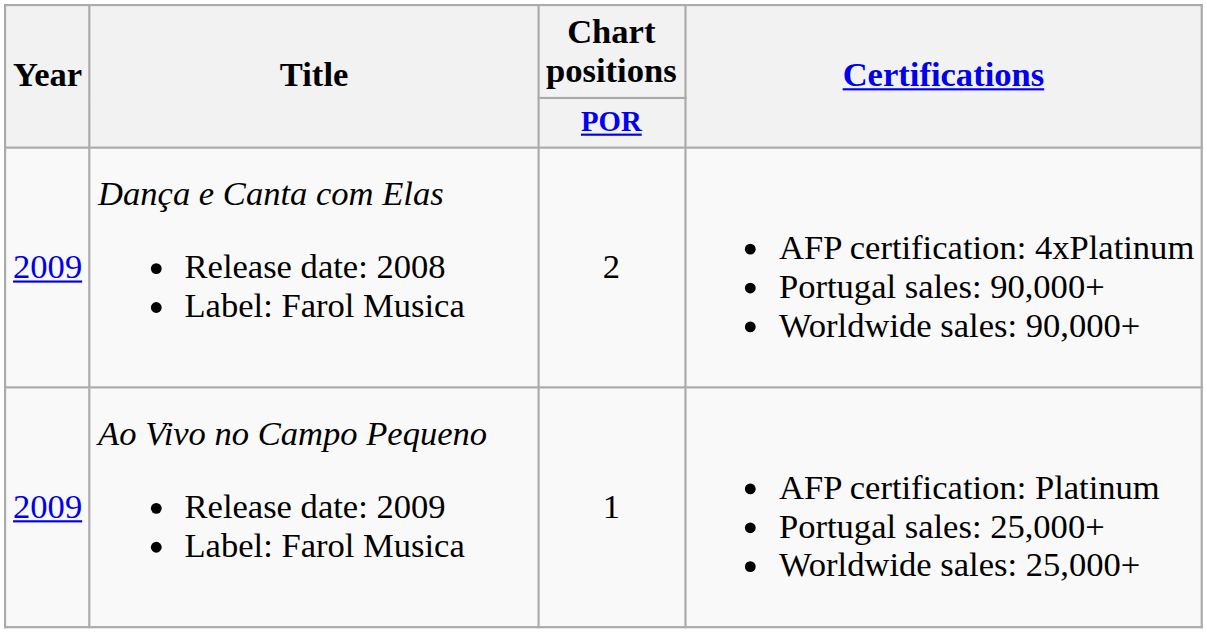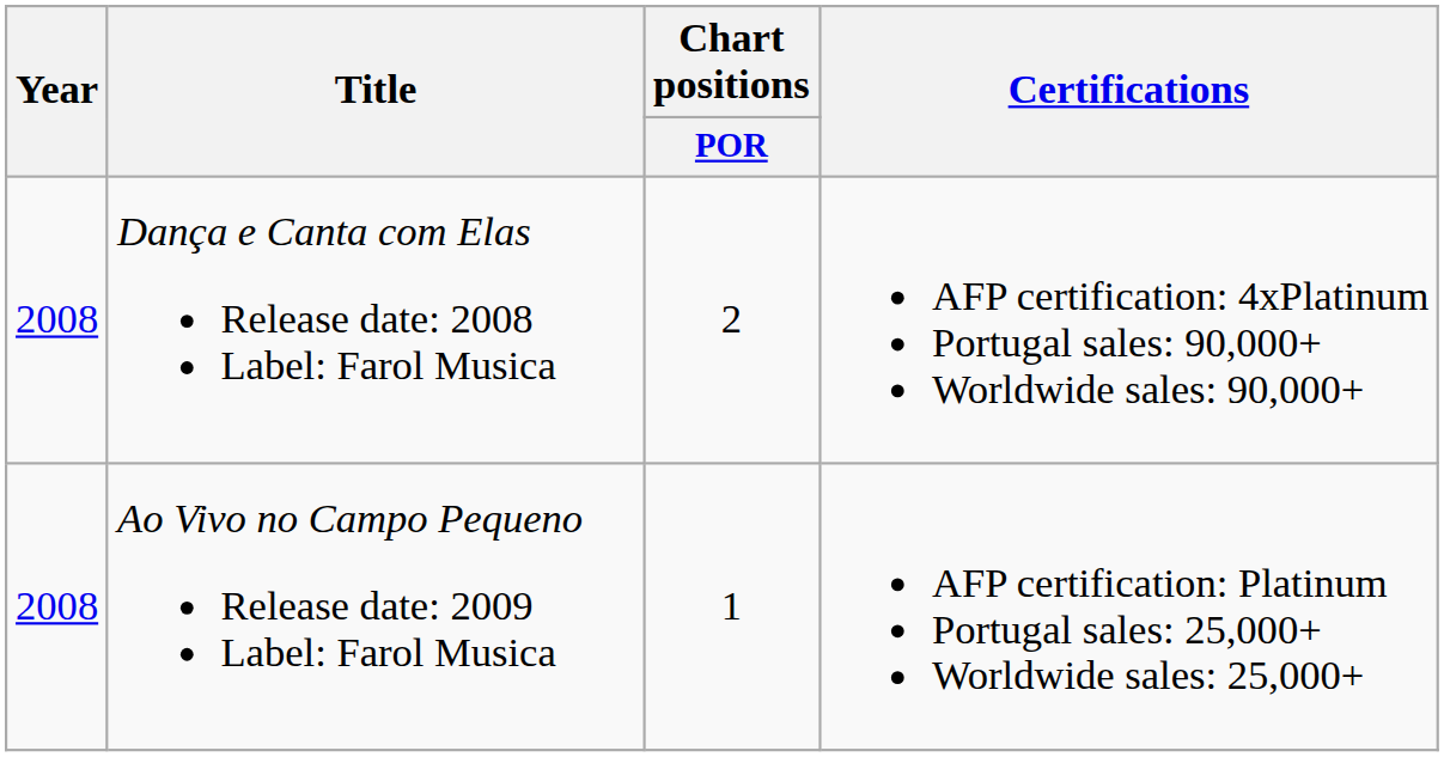 <table class="wikitable">
 <tr>
 <th rowspan=2>Year</th>
 <th rowspan=2 width="200">Title</th>
 <th colspan=1>Chart positions</th>
 <th rowspan=2><a href='#'>Certifications</a><br></th>
 </tr>
 <tr style="font-size:smaller;">
 <th width="30"><a href='#'>POR</a></th>
 </tr>
 <tr>
-<td rowspan=1><a href='#'>2009</a></td>
+<td rowspan=1><a href='#'>2008</a></td>
 <td><em>Dança e Canta com Elas</em><br><ul><li>Release date:  2008</li><li>Label: Farol Musica</li></ul></td>
 <td align="center">2</td>
 <td><br><ul><li>AFP certification: 4xPlatinum</li><li>Portugal sales: 90,000+</li><li>Worldwide sales: 90,000+</li></ul></td>
 </tr>
 <tr>
-<td rowspan=1><a href='#'>2009</a></td>
+<td rowspan=1><a href='#'>2008</a></td>
 <td><em>Ao Vivo no Campo Pequeno</em><br><ul><li>Release date:  2009</li><li>Label: Farol Musica</li></ul></td>
 <td align="center">1</td>
 <td><br><ul><li>AFP certification: Platinum</li><li>Portugal sales: 25,000+</li><li>Worldwide sales: 25,000+</li></ul></td>
 </tr>
 </table>
